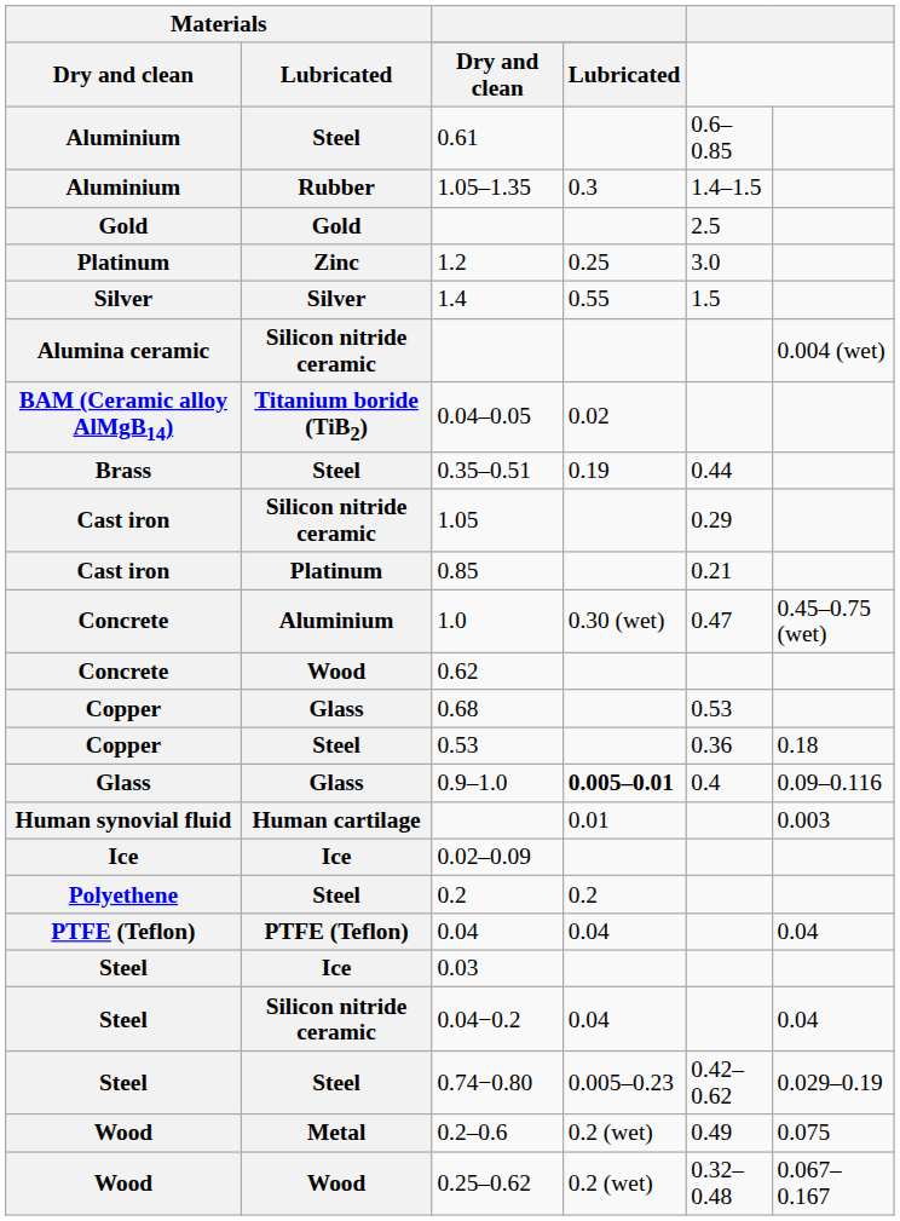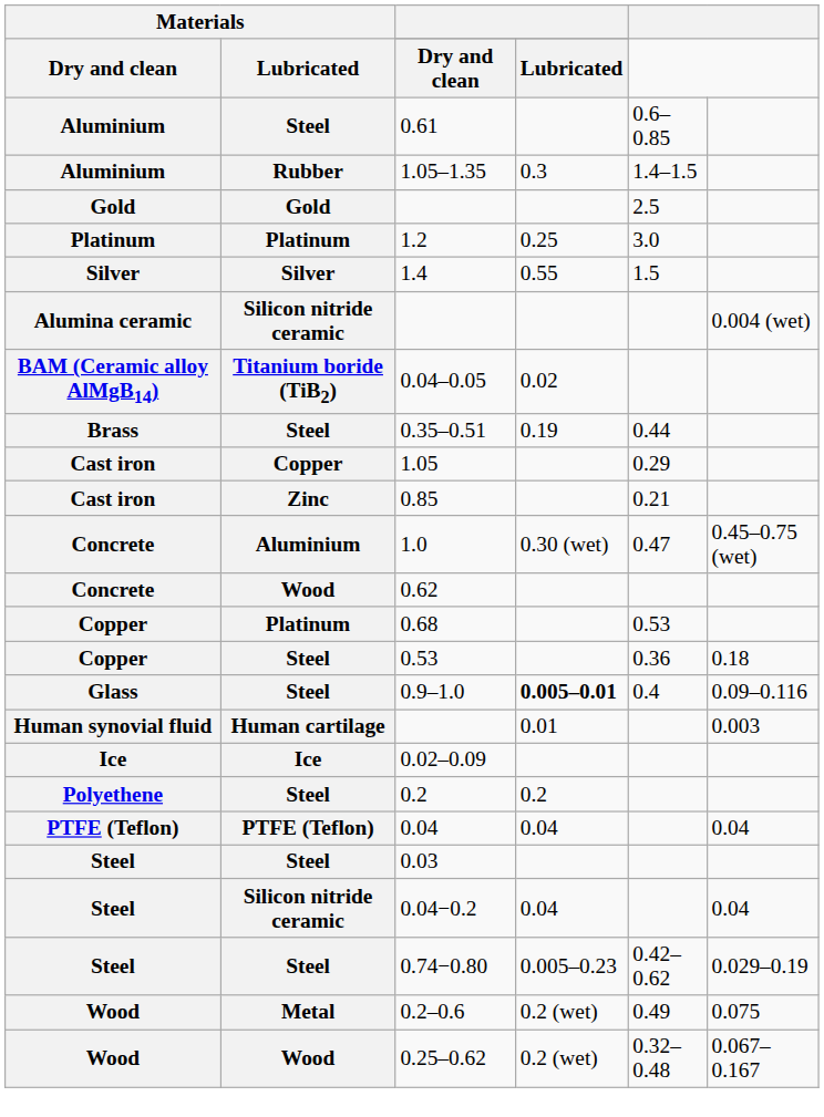 <table class="wikitable">
 <tr>
 <th colspan="2" rowspan="2" data-sort-type="text">Materials</th>
 <th colspan="2"></th>
 <th colspan="2"></th>
 </tr>
 <tr>
 </tr>
 <tr>
 <th data-sort-type="number">Dry and clean</th>
 <th data-sort-type="number">Lubricated</th>
 <th data-sort-type="number">Dry and clean</th>
 <th data-sort-type="number">Lubricated</th>
 </tr>
 <tr>
 <th>Aluminium</th>
 <th>Steel</th>
 <td>0.61</td>
 <td></td>
 <td>0.6–0.85</td>
 <td></td>
 </tr>
 <tr>
 <th>Aluminium</th>
 <th>Rubber</th>
 <td>1.05–1.35</td>
 <td>0.3</td>
 <td>1.4–1.5</td>
 </tr>
 <tr>
 <th>Gold</th>
 <th>Gold</th>
 <td></td>
 <td></td>
 <td>2.5</td>
 <td></td>
 </tr>
 <tr>
 <th>Platinum</th>
-<th>Zinc</th>
+<th>Platinum</th>
 <td>1.2</td>
 <td>0.25</td>
 <td>3.0</td>
 <td></td>
 </tr>
 <tr>
 <th>Silver</th>
 <th>Silver</th>
 <td>1.4</td>
 <td>0.55</td>
 <td>1.5</td>
 <td></td>
 </tr>
 <tr>
 <th>Alumina ceramic</th>
 <th>Silicon nitride ceramic</th>
 <td></td>
 <td></td>
 <td></td>
 <td>0.004 (wet)</td>
 </tr>
 <tr>
 <th><a href='#'>BAM (Ceramic alloy AlMgB<sub>14</sub>)</a></th>
 <th><a href='#'>Titanium boride</a> (TiB<sub>2</sub>)</th>
 <td>0.04–0.05</td>
 <td>0.02</td>
 <td></td>
 <td></td>
 </tr>
 <tr>
 <th>Brass</th>
 <th>Steel</th>
 <td>0.35–0.51</td>
 <td>0.19</td>
 <td>0.44</td>
 <td></td>
 </tr>
 <tr>
 <th>Cast iron</th>
-<th>Silicon nitride ceramic</th>
+<th>Copper</th>
 <td>1.05</td>
 <td></td>
 <td>0.29</td>
 <td></td>
 </tr>
 <tr>
 <th>Cast iron</th>
-<th>Platinum</th>
+<th>Zinc</th>
 <td>0.85</td>
 <td></td>
 <td>0.21</td>
 <td></td>
 </tr>
 <tr>
 <th>Concrete</th>
 <th>Aluminium</th>
 <td>1.0</td>
 <td>0.30 (wet)</td>
 <td>0.47</td>
 <td>0.45–0.75 (wet)</td>
 </tr>
 <tr>
 <th>Concrete</th>
 <th>Wood</th>
 <td>0.62</td>
 <td></td>
 <td></td>
 <td></td>
 </tr>
 <tr>
 <th>Copper</th>
-<th>Glass</th>
+<th>Platinum</th>
 <td>0.68</td>
 <td></td>
 <td>0.53</td>
 <td></td>
 </tr>
 <tr>
 <th>Copper</th>
 <th>Steel</th>
 <td>0.53</td>
 <td></td>
 <td>0.36</td>
 <td>0.18</td>
 </tr>
 <tr>
 <th>Glass</th>
-<th>Glass</th>
+<th>Steel</th>
 <td>0.9–1.0</td>
 <td><strong>0.005–0.01</strong></td>
 <td>0.4</td>
 <td>0.09–0.116</td>
 </tr>
 <tr>
 <th>Human synovial fluid</th>
 <th>Human cartilage</th>
 <td></td>
 <td>0.01</td>
 <td></td>
 <td>0.003</td>
 </tr>
 <tr>
 <th>Ice</th>
 <th>Ice</th>
 <td>0.02–0.09</td>
 <td></td>
 <td></td>
 <td></td>
 </tr>
 <tr>
 <th><a href='#'>Polyethene</a></th>
 <th>Steel</th>
 <td>0.2</td>
 <td>0.2</td>
 <td></td>
 <td></td>
 </tr>
 <tr>
 <th><a href='#'>PTFE</a> (Teflon)</th>
 <th>PTFE (Teflon)</th>
 <td>0.04</td>
 <td>0.04</td>
 <td></td>
 <td>0.04</td>
 </tr>
 <tr>
 <th>Steel</th>
-<th>Ice</th>
+<th>Steel</th>
 <td>0.03</td>
 <td></td>
 <td></td>
 <td></td>
 </tr>
 <tr>
 <th>Steel</th>
 <th>Silicon nitride ceramic</th>
 <td>0.04−0.2</td>
 <td>0.04</td>
 <td></td>
 <td>0.04</td>
 </tr>
 <tr>
 <th>Steel</th>
 <th>Steel</th>
 <td>0.74−0.80</td>
 <td>0.005–0.23</td>
 <td>0.42–0.62</td>
 <td>0.029–0.19</td>
 </tr>
 <tr>
 <th>Wood</th>
 <th>Metal</th>
 <td>0.2–0.6</td>
 <td>0.2 (wet)</td>
 <td>0.49</td>
 <td>0.075</td>
 </tr>
 <tr>
 <th>Wood</th>
 <th>Wood</th>
 <td>0.25–0.62</td>
 <td>0.2 (wet)</td>
 <td>0.32–0.48</td>
 <td>0.067–0.167</td>
 </tr>
 </table>
